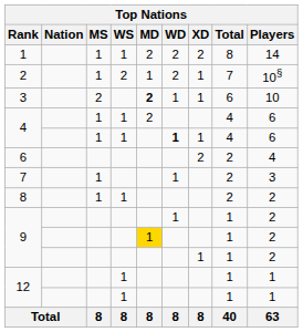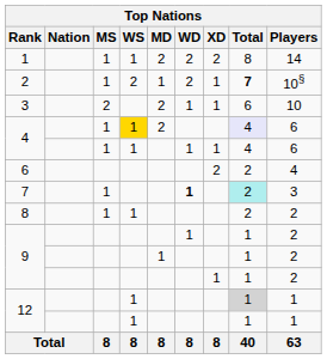 <table class="wikitable" style="text-align:center">
 <tr>
 <th colspan="11">Top Nations</th>
 </tr>
 <tr>
 <th>Rank</th>
 <th>Nation</th>
 <th>MS</th>
 <th>WS</th>
 <th>MD</th>
 <th>WD</th>
 <th>XD</th>
 <th>Total</th>
 <th>Players</th>
 </tr>
 <tr>
 <td>1</td>
 <td align="left"></td>
 <td>1</td>
 <td>1</td>
 <td>2</td>
 <td>2</td>
 <td>2</td>
 <td>8</td>
 <td>14</td>
 </tr>
 <tr>
 <td>2</td>
 <td align="left"></td>
 <td>1</td>
 <td>2</td>
 <td>1</td>
 <td>2</td>
 <td>1</td>
-<td>7</td>
+<td><strong>7</strong></td>
 <td>10<sup>§</sup></td>
 </tr>
 <tr>
 <td>3</td>
 <td align="left"></td>
 <td>2</td>
 <td></td>
-<td><strong>2</strong></td>
+<td>2</td>
 <td>1</td>
 <td>1</td>
 <td>6</td>
 <td>10</td>
 </tr>
 <tr>
 <td rowspan="2">4</td>
 <td align="left"></td>
 <td>1</td>
-<td>1</td>
+<td style="background: gold;">1</td>
 <td>2</td>
 <td></td>
 <td></td>
-<td>4</td>
+<td style="background: lavender;">4</td>
 <td>6</td>
 </tr>
 <tr>
 <td align="left"></td>
 <td>1</td>
 <td>1</td>
 <td></td>
-<td><strong>1</strong></td>
+<td>1</td>
 <td>1</td>
 <td>4</td>
 <td>6</td>
 </tr>
 <tr>
 <td>6</td>
 <td align="left"></td>
 <td></td>
 <td></td>
 <td></td>
 <td></td>
 <td>2</td>
 <td>2</td>
 <td>4</td>
 </tr>
 <tr>
 <td>7</td>
 <td align="left"></td>
 <td>1</td>
 <td></td>
 <td></td>
-<td>1</td>
+<td><strong>1</strong></td>
 <td></td>
-<td>2</td>
+<td style="background: paleturquoise;">2</td>
 <td>3</td>
 </tr>
 <tr>
 <td>8</td>
 <td align="left"></td>
 <td>1</td>
 <td>1</td>
 <td></td>
 <td></td>
 <td></td>
 <td>2</td>
 <td>2</td>
 </tr>
 <tr>
 <td rowspan="3">9</td>
 <td align="left"></td>
 <td></td>
 <td></td>
 <td></td>
 <td>1</td>
 <td></td>
 <td>1</td>
 <td>2</td>
 </tr>
 <tr>
 <td align="left"></td>
 <td></td>
 <td></td>
-<td style="background: gold;">1</td>
+<td>1</td>
 <td></td>
 <td></td>
 <td>1</td>
 <td>2</td>
 </tr>
 <tr>
 <td align="left"></td>
 <td></td>
 <td></td>
 <td></td>
 <td></td>
 <td>1</td>
 <td>1</td>
 <td>2</td>
 </tr>
 <tr>
 <td rowspan="2">12</td>
 <td align="left"></td>
 <td></td>
 <td>1</td>
 <td></td>
 <td></td>
 <td></td>
-<td>1</td>
+<td style="background: lightgrey;">1</td>
 <td>1</td>
 </tr>
 <tr>
 <td align="left"></td>
 <td></td>
 <td>1</td>
 <td></td>
 <td></td>
 <td></td>
 <td>1</td>
 <td>1</td>
 </tr>
 <tr>
 <th colspan="2">Total</th>
 <th>8</th>
 <th>8</th>
 <th>8</th>
 <th>8</th>
 <th>8</th>
 <th>40</th>
 <th>63</th>
 </tr>
 </table>
